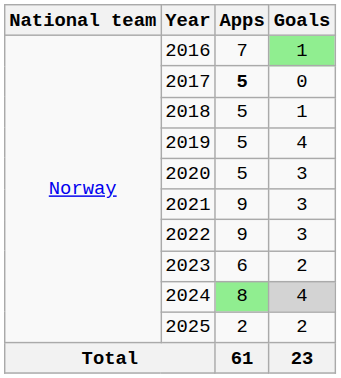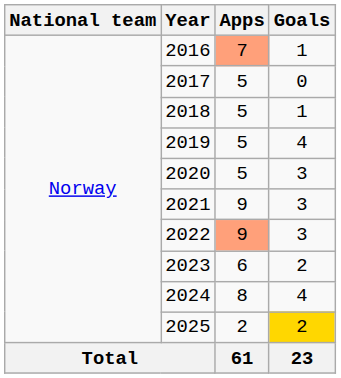 <table class="wikitable" style="text-align:center">
 <tr>
 <th>National team</th>
 <th>Year</th>
 <th>Apps</th>
 <th>Goals</th>
 </tr>
 <tr>
 <td rowspan="10"><a href='#'>Norway</a></td>
 <td>2016</td>
-<td>7</td>
-<td style="background: lightgreen;">1</td>
+<td style="background: lightsalmon;">7</td>
+<td>1</td>
 </tr>
 <tr>
 <td>2017</td>
-<td><strong>5</strong></td>
+<td>5</td>
 <td>0</td>
 </tr>
 <tr>
 <td>2018</td>
 <td>5</td>
 <td>1</td>
 </tr>
 <tr>
 <td>2019</td>
 <td>5</td>
 <td>4</td>
 </tr>
 <tr>
 <td>2020</td>
 <td>5</td>
 <td>3</td>
 </tr>
 <tr>
 <td>2021</td>
 <td>9</td>
 <td>3</td>
 </tr>
 <tr>
 <td>2022</td>
-<td>9</td>
+<td style="background: lightsalmon;">9</td>
 <td>3</td>
 </tr>
 <tr>
 <td>2023</td>
 <td>6</td>
 <td>2</td>
 </tr>
 <tr>
 <td>2024</td>
-<td style="background: lightgreen;">8</td>
-<td style="background: lightgrey;">4</td>
+<td>8</td>
+<td>4</td>
 </tr>
 <tr>
 <td>2025</td>
 <td>2</td>
-<td>2</td>
+<td style="background: gold;">2</td>
 </tr>
 <tr>
 <th colspan="2">Total</th>
 <th>61</th>
 <th>23</th>
 </tr>
 </table>
